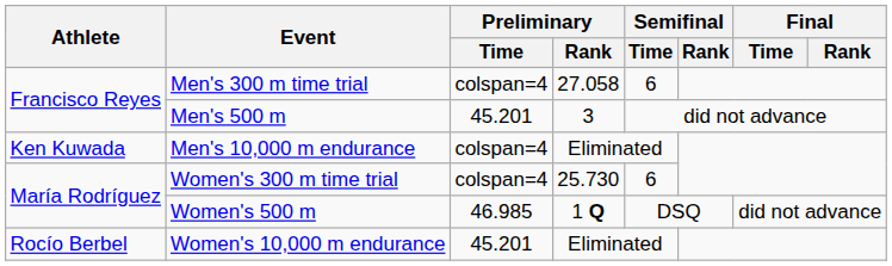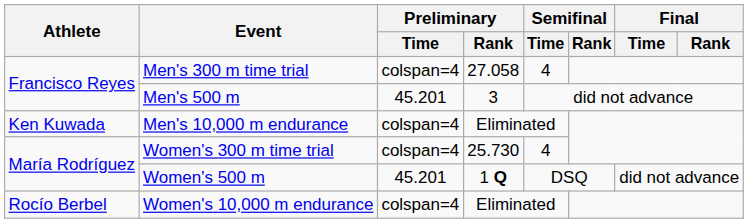 <table class="wikitable" style="font-size:90%;text-align:center">
 <tr>
 <th rowspan=2>Athlete</th>
 <th rowspan=2>Event</th>
 <th colspan=2>Preliminary</th>
 <th colspan=2>Semifinal</th>
 <th colspan=2>Final</th>
 </tr>
 <tr style=font-size:95%>
 <th>Time</th>
 <th>Rank</th>
 <th>Time</th>
 <th>Rank</th>
 <th>Time</th>
 <th>Rank</th>
 </tr>
 <tr>
 <td style="text-align:left" rowspan=2><a href='#'>Francisco Reyes</a></td>
 <td style="text-align:left"><a href='#'>Men's 300 m time trial</a></td>
 <td>colspan=4 </td>
 <td>27.058</td>
-<td>6</td>
+<td>4</td>
 </tr>
 <tr>
 <td style="text-align:left"><a href='#'>Men's 500 m</a></td>
 <td>45.201</td>
 <td>3</td>
 <td colspan=4>did not advance</td>
 </tr>
 <tr>
 <td style="text-align:left"><a href='#'>Ken Kuwada</a></td>
 <td style="text-align:left"><a href='#'>Men's 10,000 m endurance</a></td>
 <td>colspan=4 </td>
 <td colspan=2>Eliminated</td>
 </tr>
 <tr>
 <td style="text-align:left" rowspan=2><a href='#'>María Rodríguez</a></td>
 <td style="text-align:left"><a href='#'>Women's 300 m time trial</a></td>
 <td>colspan=4 </td>
 <td>25.730</td>
-<td>6</td>
+<td>4</td>
 </tr>
 <tr>
 <td style="text-align:left"><a href='#'>Women's 500 m</a></td>
-<td>46.985</td>
+<td>45.201</td>
 <td>1 <strong>Q</strong></td>
 <td colspan=2>DSQ</td>
 <td colspan=2>did not advance</td>
 </tr>
 <tr>
 <td style="text-align:left"><a href='#'>Rocío Berbel</a></td>
 <td style="text-align:left"><a href='#'>Women's 10,000 m endurance</a></td>
-<td>45.201</td>
+<td>colspan=4 </td>
 <td colspan=2>Eliminated</td>
 </tr>
 </table>
